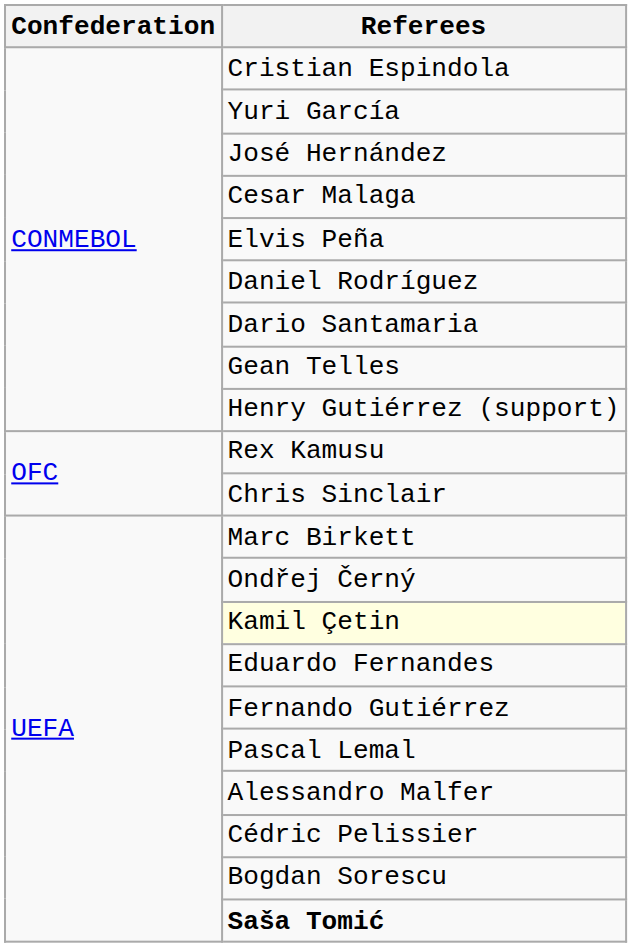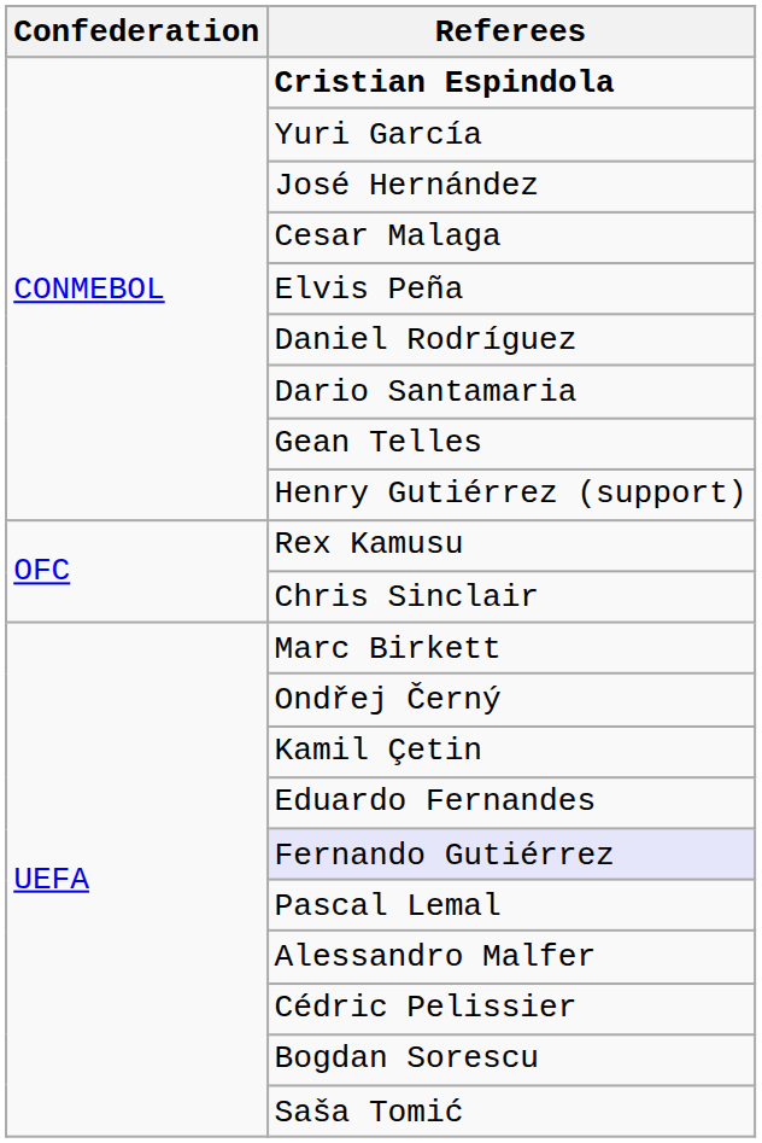 <table class="wikitable">
 <tr>
 <th>Confederation</th>
 <th>Referees</th>
 </tr>
 <tr>
 <td rowspan="9"><a href='#'>CONMEBOL</a></td>
-<td> Cristian Espindola</td>
+<td><strong> Cristian Espindola</strong></td>
 </tr>
 <tr>
 <td> Yuri García</td>
 </tr>
 <tr>
 <td> José Hernández</td>
 </tr>
 <tr>
 <td> Cesar Malaga</td>
 </tr>
 <tr>
 <td> Elvis Peña</td>
 </tr>
 <tr>
 <td> Daniel Rodríguez</td>
 </tr>
 <tr>
 <td> Dario Santamaria</td>
 </tr>
 <tr>
 <td> Gean Telles</td>
 </tr>
 <tr>
 <td> Henry Gutiérrez (support)</td>
 </tr>
 <tr>
 <td rowspan="2"><a href='#'>OFC</a></td>
 <td> Rex Kamusu</td>
 </tr>
 <tr>
 <td> Chris Sinclair</td>
 </tr>
 <tr>
 <td rowspan="10"><a href='#'>UEFA</a></td>
 <td> Marc Birkett</td>
 </tr>
 <tr>
 <td> Ondřej Černý</td>
 </tr>
 <tr>
-<td style="background: lightyellow;"> Kamil Çetin</td>
+<td> Kamil Çetin</td>
 </tr>
 <tr>
 <td> Eduardo Fernandes</td>
 </tr>
 <tr>
-<td> Fernando Gutiérrez</td>
+<td style="background: lavender;"> Fernando Gutiérrez</td>
 </tr>
 <tr>
 <td> Pascal Lemal</td>
 </tr>
 <tr>
 <td> Alessandro Malfer</td>
 </tr>
 <tr>
 <td> Cédric Pelissier</td>
 </tr>
 <tr>
 <td> Bogdan Sorescu</td>
 </tr>
 <tr>
-<td><strong> Saša Tomić</strong></td>
+<td> Saša Tomić</td>
 </tr>
 </table>
